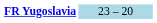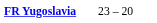 <table style="text-align:center">
 <tr>
 <th width=200></th>
 <th width=100></th>
 <th width=200></th>
 </tr>
 <tr>
 <td align=right><strong><a href='#'>FR Yugoslavia</a> </strong></td>
-<td style="background: lightblue;">23 – 20</td>
+<td>23 – 20</td>
 <td align=left></td>
 </tr>
 </table>
